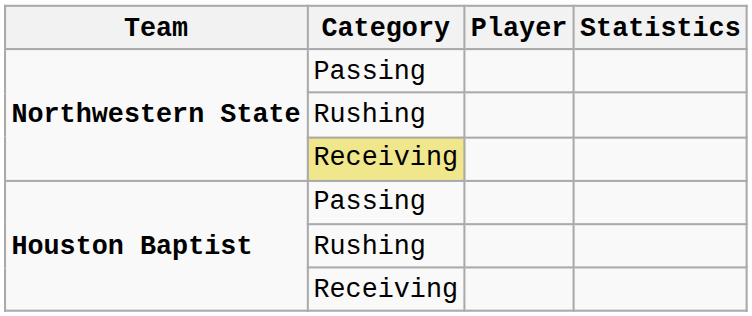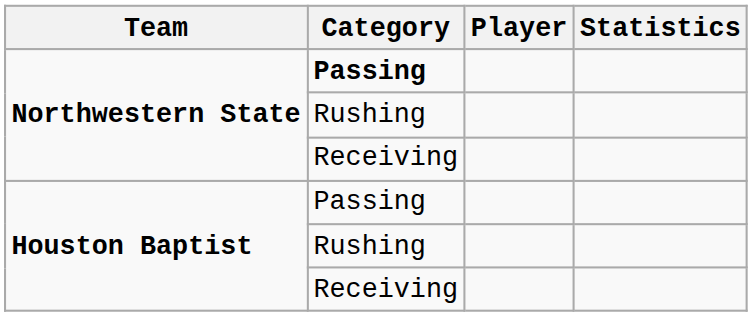 <table class="wikitable" style="float: left;">
 <tr>
 <th>Team</th>
 <th>Category</th>
 <th>Player</th>
 <th>Statistics</th>
 </tr>
 <tr>
 <td rowspan=3><strong>Northwestern State</strong></td>
-<td>Passing</td>
+<td><strong>Passing</strong></td>
 <td> </td>
 <td> </td>
 </tr>
 <tr>
 <td>Rushing</td>
 <td> </td>
 <td> </td>
 </tr>
 <tr>
-<td style="background: khaki;">Receiving</td>
+<td>Receiving</td>
 <td> </td>
 <td> </td>
 </tr>
 <tr>
 <td rowspan=3><strong>Houston Baptist</strong></td>
 <td>Passing</td>
 <td> </td>
 <td> </td>
 </tr>
 <tr>
 <td>Rushing</td>
 <td> </td>
 <td> </td>
 </tr>
 <tr>
 <td>Receiving</td>
 <td> </td>
 <td> </td>
 </tr>
 </table>
